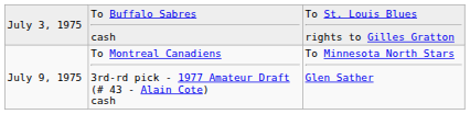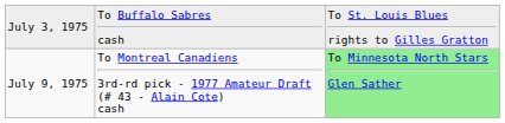 <table class="wikitable" style="border:1px solid #999; width:580px;">
 <tr style="background:#eee;">
 <td>July 3, 1975</td>
 <td valign="top">To <a href='#'>Buffalo Sabres</a><hr>cash</td>
 <td valign="top">To <a href='#'>St. Louis Blues</a><hr>rights to <a href='#'>Gilles Gratton</a></td>
 </tr>
 <tr>
 <td>July 9, 1975</td>
 <td valign="top">To <a href='#'>Montreal Canadiens</a><hr>3rd-rd pick - <a href='#'>1977 Amateur Draft</a><br>(# 43 - <a href='#'>Alain Cote</a>)<br>cash</td>
-<td valign="top">To <a href='#'>Minnesota North Stars</a><hr><a href='#'>Glen Sather</a></td>
+<td valign="top" style="background: lightgreen;">To <a href='#'>Minnesota North Stars</a><hr><a href='#'>Glen Sather</a></td>
 </tr>
 </table>
